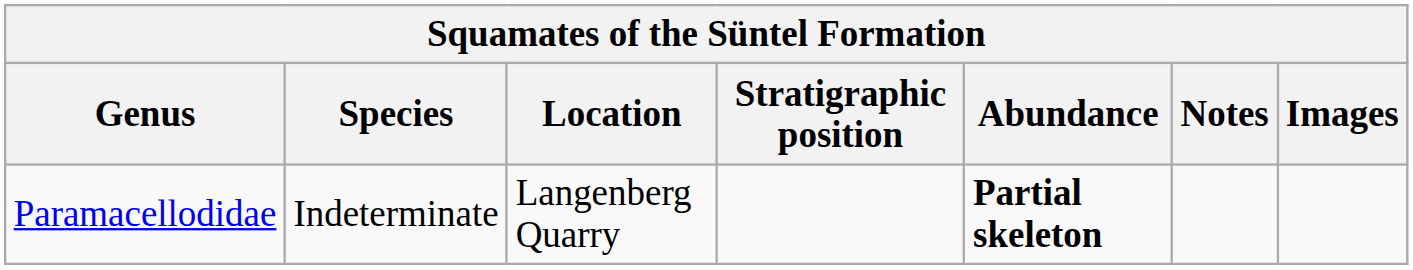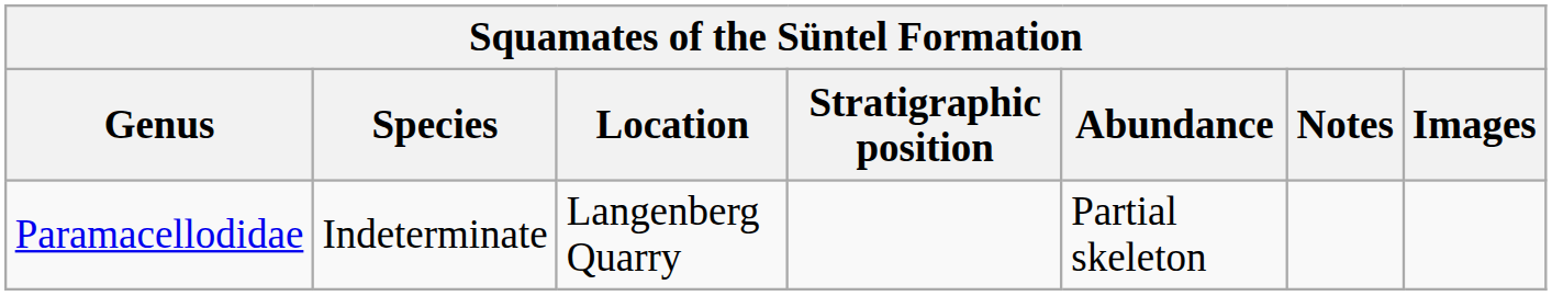 <table class="wikitable sortable">
 <tr>
 <th colspan="7" align="center"><strong>Squamates of the Süntel Formation</strong></th>
 </tr>
 <tr>
 <th>Genus</th>
 <th>Species</th>
 <th>Location</th>
 <th>Stratigraphic position</th>
 <th>Abundance</th>
 <th>Notes</th>
 <th>Images</th>
 </tr>
 <tr>
 <td><a href='#'>Paramacellodidae</a></td>
 <td>Indeterminate</td>
 <td>Langenberg Quarry</td>
 <td></td>
-<td><strong>Partial skeleton</strong></td>
+<td>Partial skeleton</td>
 <td></td>
 <td></td>
 </tr>
 </table>
